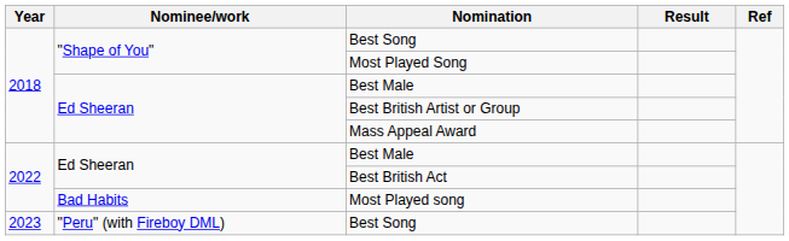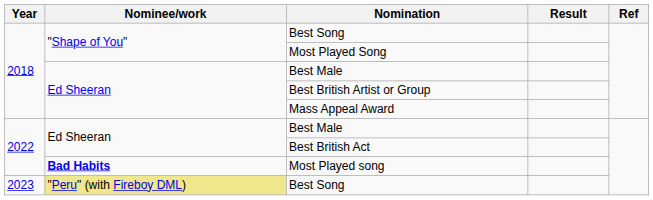 <table class="wikitable" style="max-width:75%;">
 <tr>
 <th width=5%>Year</th>
 <th style="width:30%;">Nominee/work</th>
 <th style="width:30%;">Nomination</th>
 <th style="width:10%;">Result</th>
 <th style="width:5%;">Ref</th>
 </tr>
 <tr>
 <td rowspan="5"><a href='#'>2018</a></td>
 <td rowspan="2">"<a href='#'>Shape of You</a>"</td>
 <td>Best Song</td>
 <td></td>
 <td rowspan="5"></td>
 </tr>
 <tr>
 <td>Most Played Song</td>
 <td></td>
 </tr>
 <tr>
 <td rowspan="3"><a href='#'>Ed Sheeran</a></td>
 <td>Best Male</td>
 <td></td>
 </tr>
 <tr>
 <td>Best British Artist or Group</td>
 <td></td>
 </tr>
 <tr>
 <td>Mass Appeal Award</td>
 <td></td>
 </tr>
 <tr>
 <td rowspan="3"><a href='#'>2022</a></td>
 <td rowspan="2">Ed Sheeran</td>
 <td>Best Male</td>
 <td></td>
 </tr>
 <tr>
 <td>Best British Act</td>
 <td></td>
 </tr>
 <tr>
-<td><a href='#'>Bad Habits</a></td>
+<td><strong><a href='#'>Bad Habits</a></strong></td>
 <td>Most Played song</td>
 <td></td>
 </tr>
 <tr>
 <td><a href='#'>2023</a></td>
-<td>"<a href='#'>Peru</a>" (with <a href='#'>Fireboy DML</a>)</td>
+<td style="background: khaki;">"<a href='#'>Peru</a>" (with <a href='#'>Fireboy DML</a>)</td>
 <td>Best Song</td>
 <td></td>
 </tr>
 </table>
